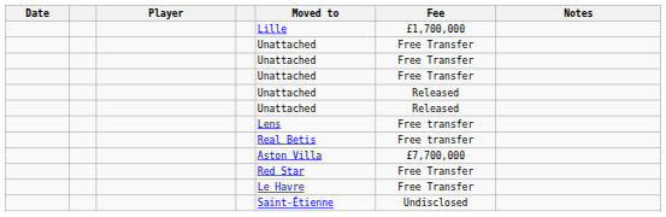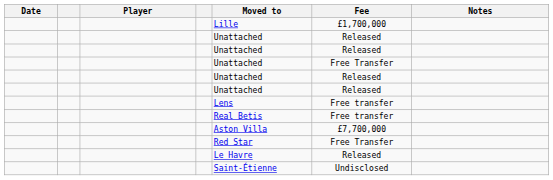 <table class="wikitable sortable">
 <tr>
 <th style="width:80px;">Date</th>
 <th style="width:30px;"></th>
 <th style="width:180px;">Player</th>
 <th style="width:20px;"></th>
 <th style="width:155px;">Moved to</th>
 <th style="width:155px;" class="unsortable">Fee</th>
 <th style="width:215px;" class="unsortable">Notes</th>
 </tr>
 <tr>
 <td></td>
 <td align=center></td>
 <td> </td>
 <td></td>
 <td> <a href='#'>Lille</a></td>
 <td align=center>£1,700,000</td>
 <td align=center></td>
 </tr>
 <tr>
 <td></td>
 <td align=center></td>
 <td> </td>
 <td></td>
 <td>Unattached</td>
-<td align=center>Free Transfer</td>
+<td align=center>Released</td>
 <td align=center></td>
 </tr>
 <tr>
 <td></td>
 <td align=center></td>
 <td> </td>
 <td></td>
 <td>Unattached</td>
-<td align=center>Free Transfer</td>
+<td align=center>Released</td>
 <td align=center></td>
 </tr>
 <tr>
 <td></td>
 <td align=center></td>
 <td> </td>
 <td></td>
 <td>Unattached</td>
 <td align=center>Free Transfer</td>
 <td align=center></td>
 </tr>
 <tr>
 <td></td>
 <td align=center></td>
 <td> </td>
 <td></td>
 <td>Unattached</td>
 <td align=center>Released</td>
 <td align=center></td>
 </tr>
 <tr>
 <td></td>
 <td align=center></td>
 <td> </td>
 <td></td>
 <td>Unattached</td>
 <td align=center>Released</td>
 <td align=center></td>
 </tr>
 <tr>
 <td></td>
 <td align=center></td>
 <td> </td>
 <td></td>
 <td> <a href='#'>Lens</a></td>
 <td align=center>Free transfer</td>
 <td align=center></td>
 </tr>
 <tr>
 <td></td>
 <td align=center></td>
 <td> </td>
 <td></td>
 <td> <a href='#'>Real Betis</a></td>
 <td align=center>Free transfer</td>
 <td align=center></td>
 </tr>
 <tr>
 <td></td>
 <td align=center></td>
 <td> </td>
 <td></td>
 <td> <a href='#'>Aston Villa</a></td>
 <td align=center>£7,700,000</td>
 <td align=center></td>
 </tr>
 <tr>
 <td></td>
 <td align=center></td>
 <td> </td>
 <td></td>
 <td> <a href='#'>Red Star</a></td>
 <td align=center>Free Transfer</td>
 <td align=center></td>
 </tr>
 <tr>
 <td></td>
 <td align=center></td>
 <td> </td>
 <td></td>
 <td> <a href='#'>Le Havre</a></td>
-<td align=center>Free Transfer</td>
+<td align=center>Released</td>
 <td align=center></td>
 </tr>
 <tr>
 <td></td>
 <td align=center></td>
 <td> </td>
 <td></td>
 <td> <a href='#'>Saint-Étienne</a></td>
 <td align=center>Undisclosed</td>
 <td align=center></td>
 </tr>
 </table>
